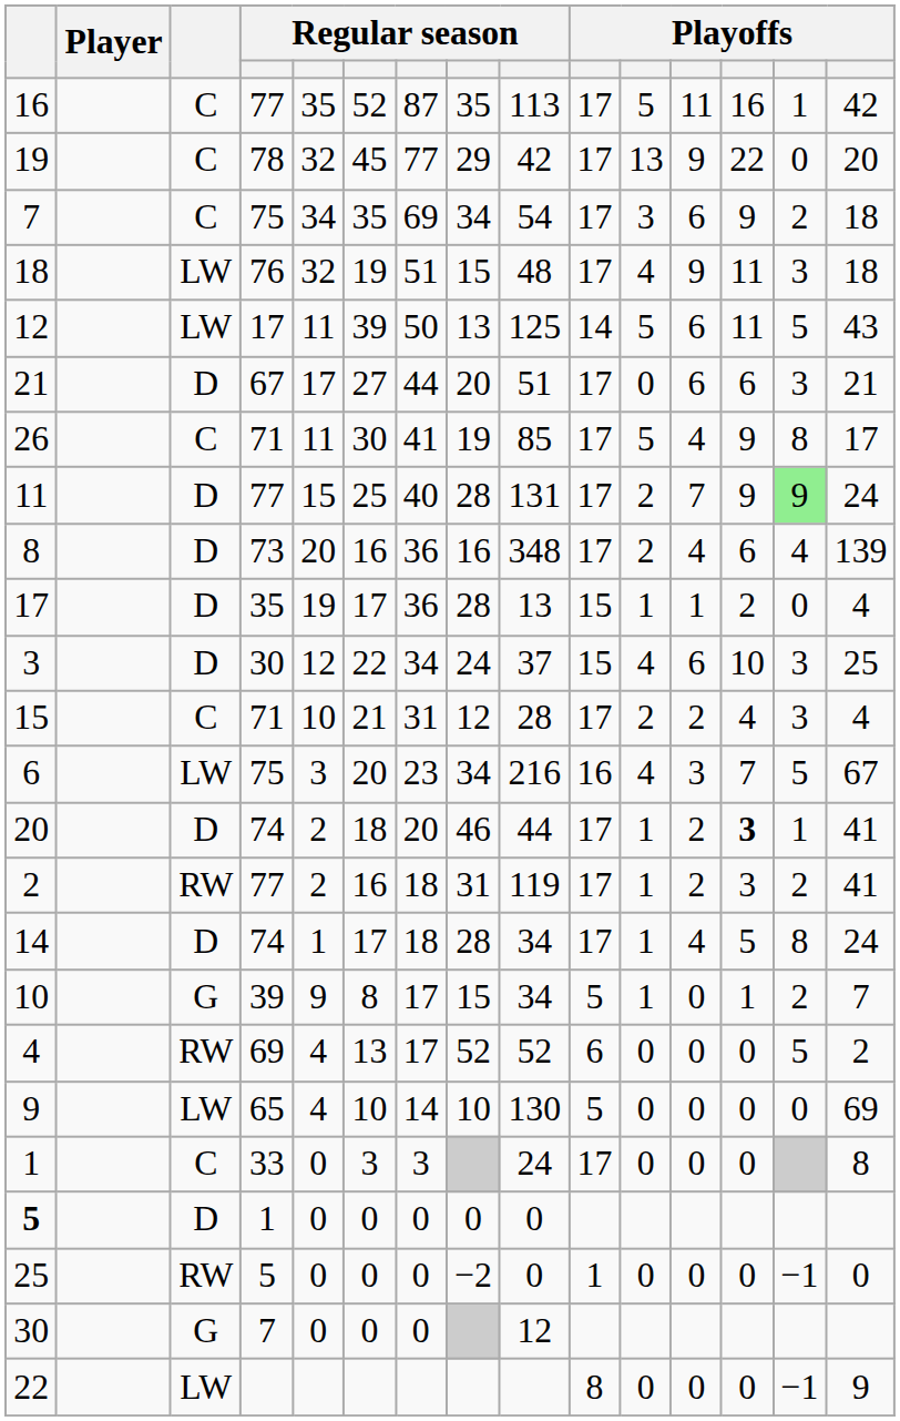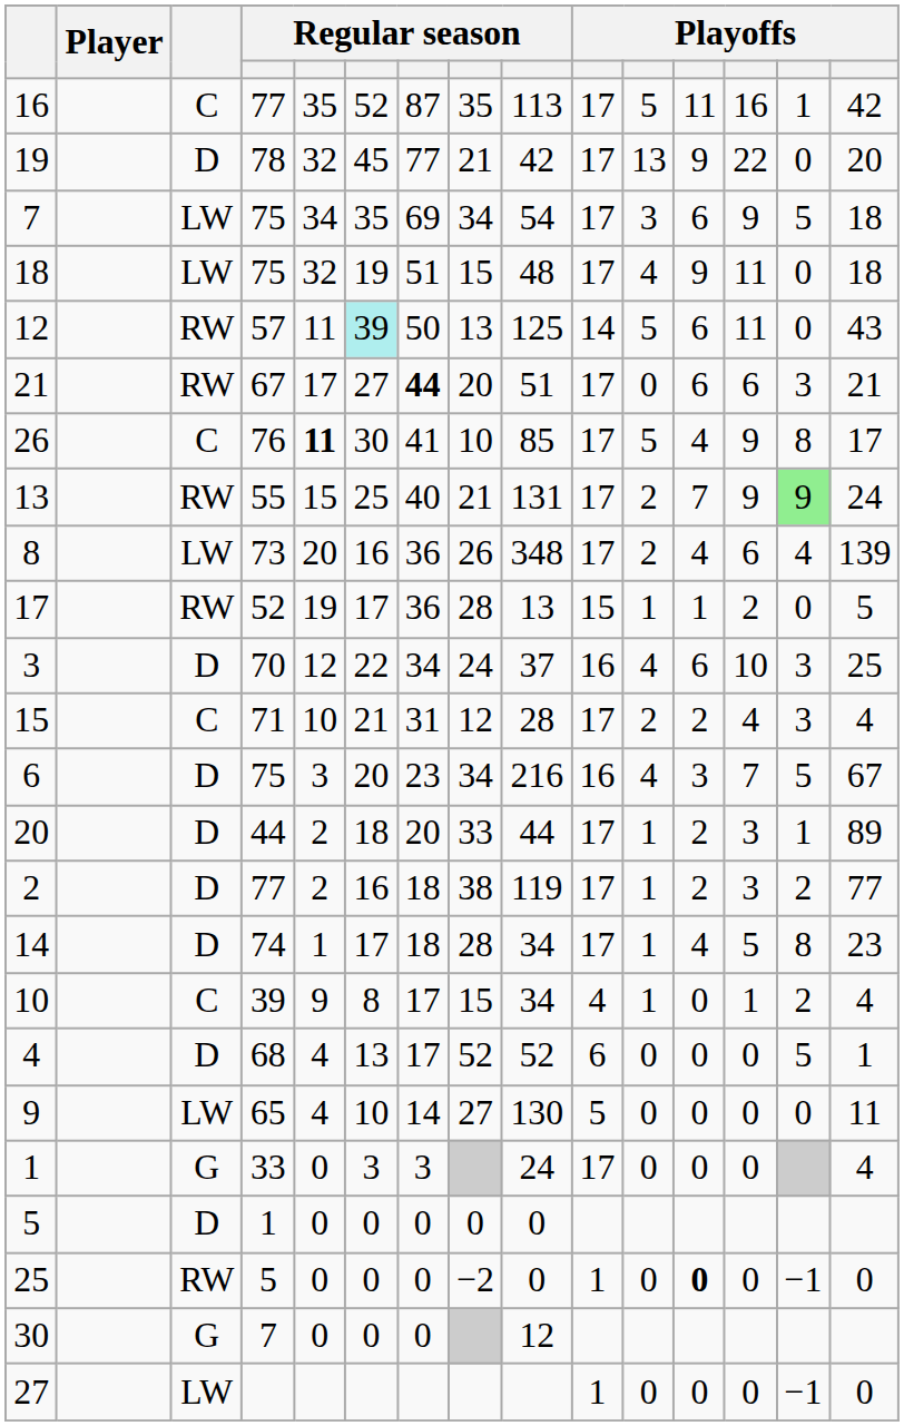 <table class="wikitable sortable plainrowheaders" style="text-align:center;">
 <tr>
 <th scope="col" data-sort-type="number" rowspan="2"></th>
 <th scope="col" rowspan="2">Player</th>
 <th scope="col" rowspan="2"></th>
 <th scope=colgroup colspan=6>Regular season</th>
 <th scope=colgroup colspan=6>Playoffs</th>
 </tr>
 <tr>
 <th scope="col" data-sort-type="number"></th>
 <th scope="col" data-sort-type="number"></th>
 <th scope="col" data-sort-type="number"></th>
 <th scope="col" data-sort-type="number"></th>
 <th scope="col" data-sort-type="number"></th>
 <th scope="col" data-sort-type="number"></th>
 <th scope="col" data-sort-type="number"></th>
 <th scope="col" data-sort-type="number"></th>
 <th scope="col" data-sort-type="number"></th>
 <th scope="col" data-sort-type="number"></th>
 <th scope="col" data-sort-type="number"></th>
 <th scope="col" data-sort-type="number"></th>
 </tr>
 <tr>
 <td scope="row">16</td>
 <td align="left"></td>
 <td>C</td>
 <td>77</td>
 <td>35</td>
 <td>52</td>
 <td>87</td>
 <td>35</td>
 <td>113</td>
 <td>17</td>
 <td>5</td>
 <td>11</td>
 <td>16</td>
 <td>1</td>
 <td>42</td>
 </tr>
 <tr>
 <td scope="row">19</td>
 <td align="left"></td>
-<td>C</td>
+<td>D</td>
 <td>78</td>
 <td>32</td>
 <td>45</td>
 <td>77</td>
-<td>29</td>
+<td>21</td>
 <td>42</td>
 <td>17</td>
 <td>13</td>
 <td>9</td>
 <td>22</td>
 <td>0</td>
 <td>20</td>
 </tr>
 <tr>
 <td scope="row">7</td>
 <td align="left"></td>
-<td>C</td>
+<td>LW</td>
 <td>75</td>
 <td>34</td>
 <td>35</td>
 <td>69</td>
 <td>34</td>
 <td>54</td>
 <td>17</td>
 <td>3</td>
 <td>6</td>
 <td>9</td>
-<td>2</td>
+<td>5</td>
 <td>18</td>
 </tr>
 <tr>
 <td scope="row">18</td>
 <td align="left"></td>
 <td>LW</td>
-<td>76</td>
+<td>75</td>
 <td>32</td>
 <td>19</td>
 <td>51</td>
 <td>15</td>
 <td>48</td>
 <td>17</td>
 <td>4</td>
 <td>9</td>
 <td>11</td>
-<td>3</td>
+<td>0</td>
 <td>18</td>
 </tr>
 <tr>
 <td scope="row">12</td>
 <td align="left"></td>
-<td>LW</td>
-<td>17</td>
+<td>RW</td>
+<td>57</td>
 <td>11</td>
-<td>39</td>
+<td style="background: paleturquoise;">39</td>
 <td>50</td>
 <td>13</td>
 <td>125</td>
 <td>14</td>
 <td>5</td>
 <td>6</td>
 <td>11</td>
-<td>5</td>
+<td>0</td>
 <td>43</td>
 </tr>
 <tr>
 <td scope="row">21</td>
 <td align="left"></td>
-<td>D</td>
+<td>RW</td>
 <td>67</td>
 <td>17</td>
 <td>27</td>
-<td>44</td>
+<td><strong>44</strong></td>
 <td>20</td>
 <td>51</td>
 <td>17</td>
 <td>0</td>
 <td>6</td>
 <td>6</td>
 <td>3</td>
 <td>21</td>
 </tr>
 <tr>
 <td scope="row">26</td>
 <td align="left"></td>
 <td>C</td>
-<td>71</td>
-<td>11</td>
+<td>76</td>
+<td><strong>11</strong></td>
 <td>30</td>
 <td>41</td>
-<td>19</td>
+<td>10</td>
 <td>85</td>
 <td>17</td>
 <td>5</td>
 <td>4</td>
 <td>9</td>
 <td>8</td>
 <td>17</td>
 </tr>
 <tr>
-<td scope="row">11</td>
+<td scope="row">13</td>
 <td align="left"></td>
-<td>D</td>
-<td>77</td>
+<td>RW</td>
+<td>55</td>
 <td>15</td>
 <td>25</td>
 <td>40</td>
-<td>28</td>
+<td>21</td>
 <td>131</td>
 <td>17</td>
 <td>2</td>
 <td>7</td>
 <td>9</td>
 <td style="background: lightgreen;">9</td>
 <td>24</td>
 </tr>
 <tr>
 <td scope="row">8</td>
 <td align="left"></td>
-<td>D</td>
+<td>LW</td>
 <td>73</td>
 <td>20</td>
 <td>16</td>
 <td>36</td>
-<td>16</td>
+<td>26</td>
 <td>348</td>
 <td>17</td>
 <td>2</td>
 <td>4</td>
 <td>6</td>
 <td>4</td>
 <td>139</td>
 </tr>
 <tr>
 <td scope="row">17</td>
 <td align="left"></td>
-<td>D</td>
-<td>35</td>
+<td>RW</td>
+<td>52</td>
 <td>19</td>
 <td>17</td>
 <td>36</td>
 <td>28</td>
 <td>13</td>
 <td>15</td>
 <td>1</td>
 <td>1</td>
 <td>2</td>
 <td>0</td>
-<td>4</td>
+<td>5</td>
 </tr>
 <tr>
 <td scope="row">3</td>
 <td align="left"></td>
 <td>D</td>
-<td>30</td>
+<td>70</td>
 <td>12</td>
 <td>22</td>
 <td>34</td>
 <td>24</td>
 <td>37</td>
-<td>15</td>
+<td>16</td>
 <td>4</td>
 <td>6</td>
 <td>10</td>
 <td>3</td>
 <td>25</td>
 </tr>
 <tr>
 <td scope="row">15</td>
 <td align="left"></td>
 <td>C</td>
 <td>71</td>
 <td>10</td>
 <td>21</td>
 <td>31</td>
 <td>12</td>
 <td>28</td>
 <td>17</td>
 <td>2</td>
 <td>2</td>
 <td>4</td>
 <td>3</td>
 <td>4</td>
 </tr>
 <tr>
 <td scope="row">6</td>
 <td align="left"></td>
-<td>LW</td>
+<td>D</td>
 <td>75</td>
 <td>3</td>
 <td>20</td>
 <td>23</td>
 <td>34</td>
 <td>216</td>
 <td>16</td>
 <td>4</td>
 <td>3</td>
 <td>7</td>
 <td>5</td>
 <td>67</td>
 </tr>
 <tr>
 <td scope="row">20</td>
 <td align="left"></td>
 <td>D</td>
-<td>74</td>
+<td>44</td>
 <td>2</td>
 <td>18</td>
 <td>20</td>
-<td>46</td>
+<td>33</td>
 <td>44</td>
 <td>17</td>
 <td>1</td>
 <td>2</td>
-<td><strong>3</strong></td>
+<td>3</td>
 <td>1</td>
-<td>41</td>
+<td>89</td>
 </tr>
 <tr>
 <td scope="row">2</td>
 <td align="left"></td>
-<td>RW</td>
+<td>D</td>
 <td>77</td>
 <td>2</td>
 <td>16</td>
 <td>18</td>
-<td>31</td>
+<td>38</td>
 <td>119</td>
 <td>17</td>
 <td>1</td>
 <td>2</td>
 <td>3</td>
 <td>2</td>
-<td>41</td>
+<td>77</td>
 </tr>
 <tr>
 <td scope="row">14</td>
 <td align="left"></td>
 <td>D</td>
 <td>74</td>
 <td>1</td>
 <td>17</td>
 <td>18</td>
 <td>28</td>
 <td>34</td>
 <td>17</td>
 <td>1</td>
 <td>4</td>
 <td>5</td>
 <td>8</td>
-<td>24</td>
+<td>23</td>
 </tr>
 <tr>
 <td scope="row">10</td>
 <td align="left"></td>
-<td>G</td>
+<td>C</td>
 <td>39</td>
 <td>9</td>
 <td>8</td>
 <td>17</td>
 <td>15</td>
 <td>34</td>
-<td>5</td>
+<td>4</td>
 <td>1</td>
 <td>0</td>
 <td>1</td>
 <td>2</td>
-<td>7</td>
+<td>4</td>
 </tr>
 <tr>
 <td scope="row">4</td>
 <td align="left"></td>
-<td>RW</td>
-<td>69</td>
+<td>D</td>
+<td>68</td>
 <td>4</td>
 <td>13</td>
 <td>17</td>
 <td>52</td>
 <td>52</td>
 <td>6</td>
 <td>0</td>
 <td>0</td>
 <td>0</td>
 <td>5</td>
-<td>2</td>
+<td>1</td>
 </tr>
 <tr>
 <td scope="row">9</td>
 <td align="left"></td>
 <td>LW</td>
 <td>65</td>
 <td>4</td>
 <td>10</td>
 <td>14</td>
-<td>10</td>
+<td>27</td>
 <td>130</td>
 <td>5</td>
 <td>0</td>
 <td>0</td>
 <td>0</td>
 <td>0</td>
-<td>69</td>
+<td>11</td>
 </tr>
 <tr>
 <td scope="row">1</td>
 <td align="left"></td>
-<td>C</td>
+<td>G</td>
 <td>33</td>
 <td>0</td>
 <td>3</td>
 <td>3</td>
 <td style="background:#ccc"></td>
 <td>24</td>
 <td>17</td>
 <td>0</td>
 <td>0</td>
 <td>0</td>
 <td style="background:#ccc"></td>
-<td>8</td>
+<td>4</td>
 </tr>
 <tr>
-<td scope="row"><strong>5</strong></td>
+<td scope="row">5</td>
 <td align="left"></td>
 <td>D</td>
 <td>1</td>
 <td>0</td>
 <td>0</td>
 <td>0</td>
 <td>0</td>
 <td>0</td>
 <td></td>
 <td></td>
 <td></td>
 <td></td>
 <td></td>
 <td></td>
 </tr>
 <tr>
 <td scope="row">25</td>
 <td align="left"></td>
 <td>RW</td>
 <td>5</td>
 <td>0</td>
 <td>0</td>
 <td>0</td>
 <td>−2</td>
 <td>0</td>
 <td>1</td>
 <td>0</td>
-<td>0</td>
+<td><strong>0</strong></td>
 <td>0</td>
 <td>−1</td>
 <td>0</td>
 </tr>
 <tr>
 <td scope="row">30</td>
 <td align="left"></td>
 <td>G</td>
 <td>7</td>
 <td>0</td>
 <td>0</td>
 <td>0</td>
 <td style="background:#ccc"></td>
 <td>12</td>
 <td></td>
 <td></td>
 <td></td>
 <td></td>
 <td></td>
 <td></td>
 </tr>
 <tr>
-<td scope="row">22</td>
+<td scope="row">27</td>
 <td align="left"></td>
 <td>LW</td>
 <td></td>
 <td></td>
 <td></td>
 <td></td>
 <td></td>
 <td></td>
-<td>8</td>
+<td>1</td>
 <td>0</td>
 <td>0</td>
 <td>0</td>
 <td>−1</td>
-<td>9</td>
+<td>0</td>
 </tr>
 </table>
